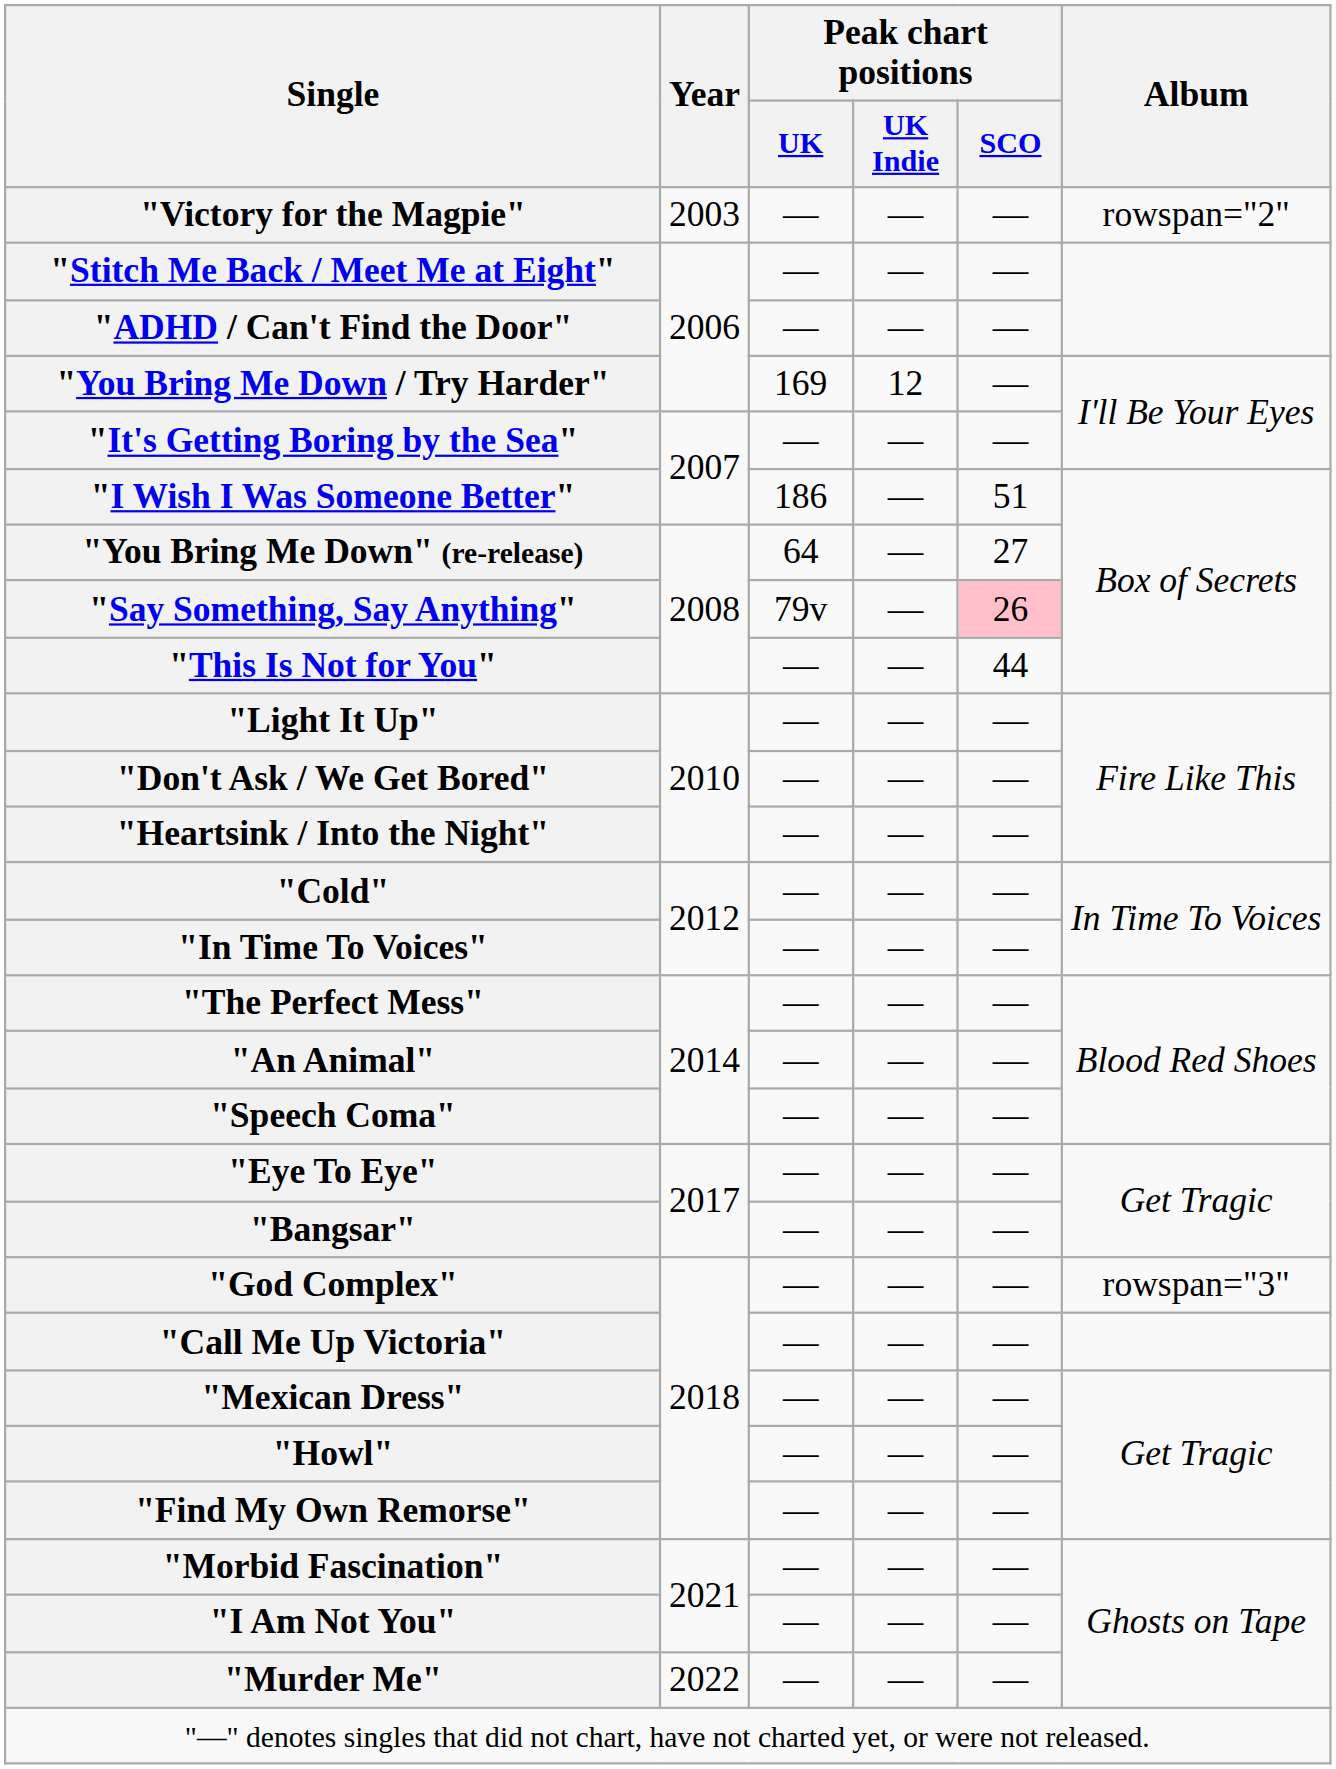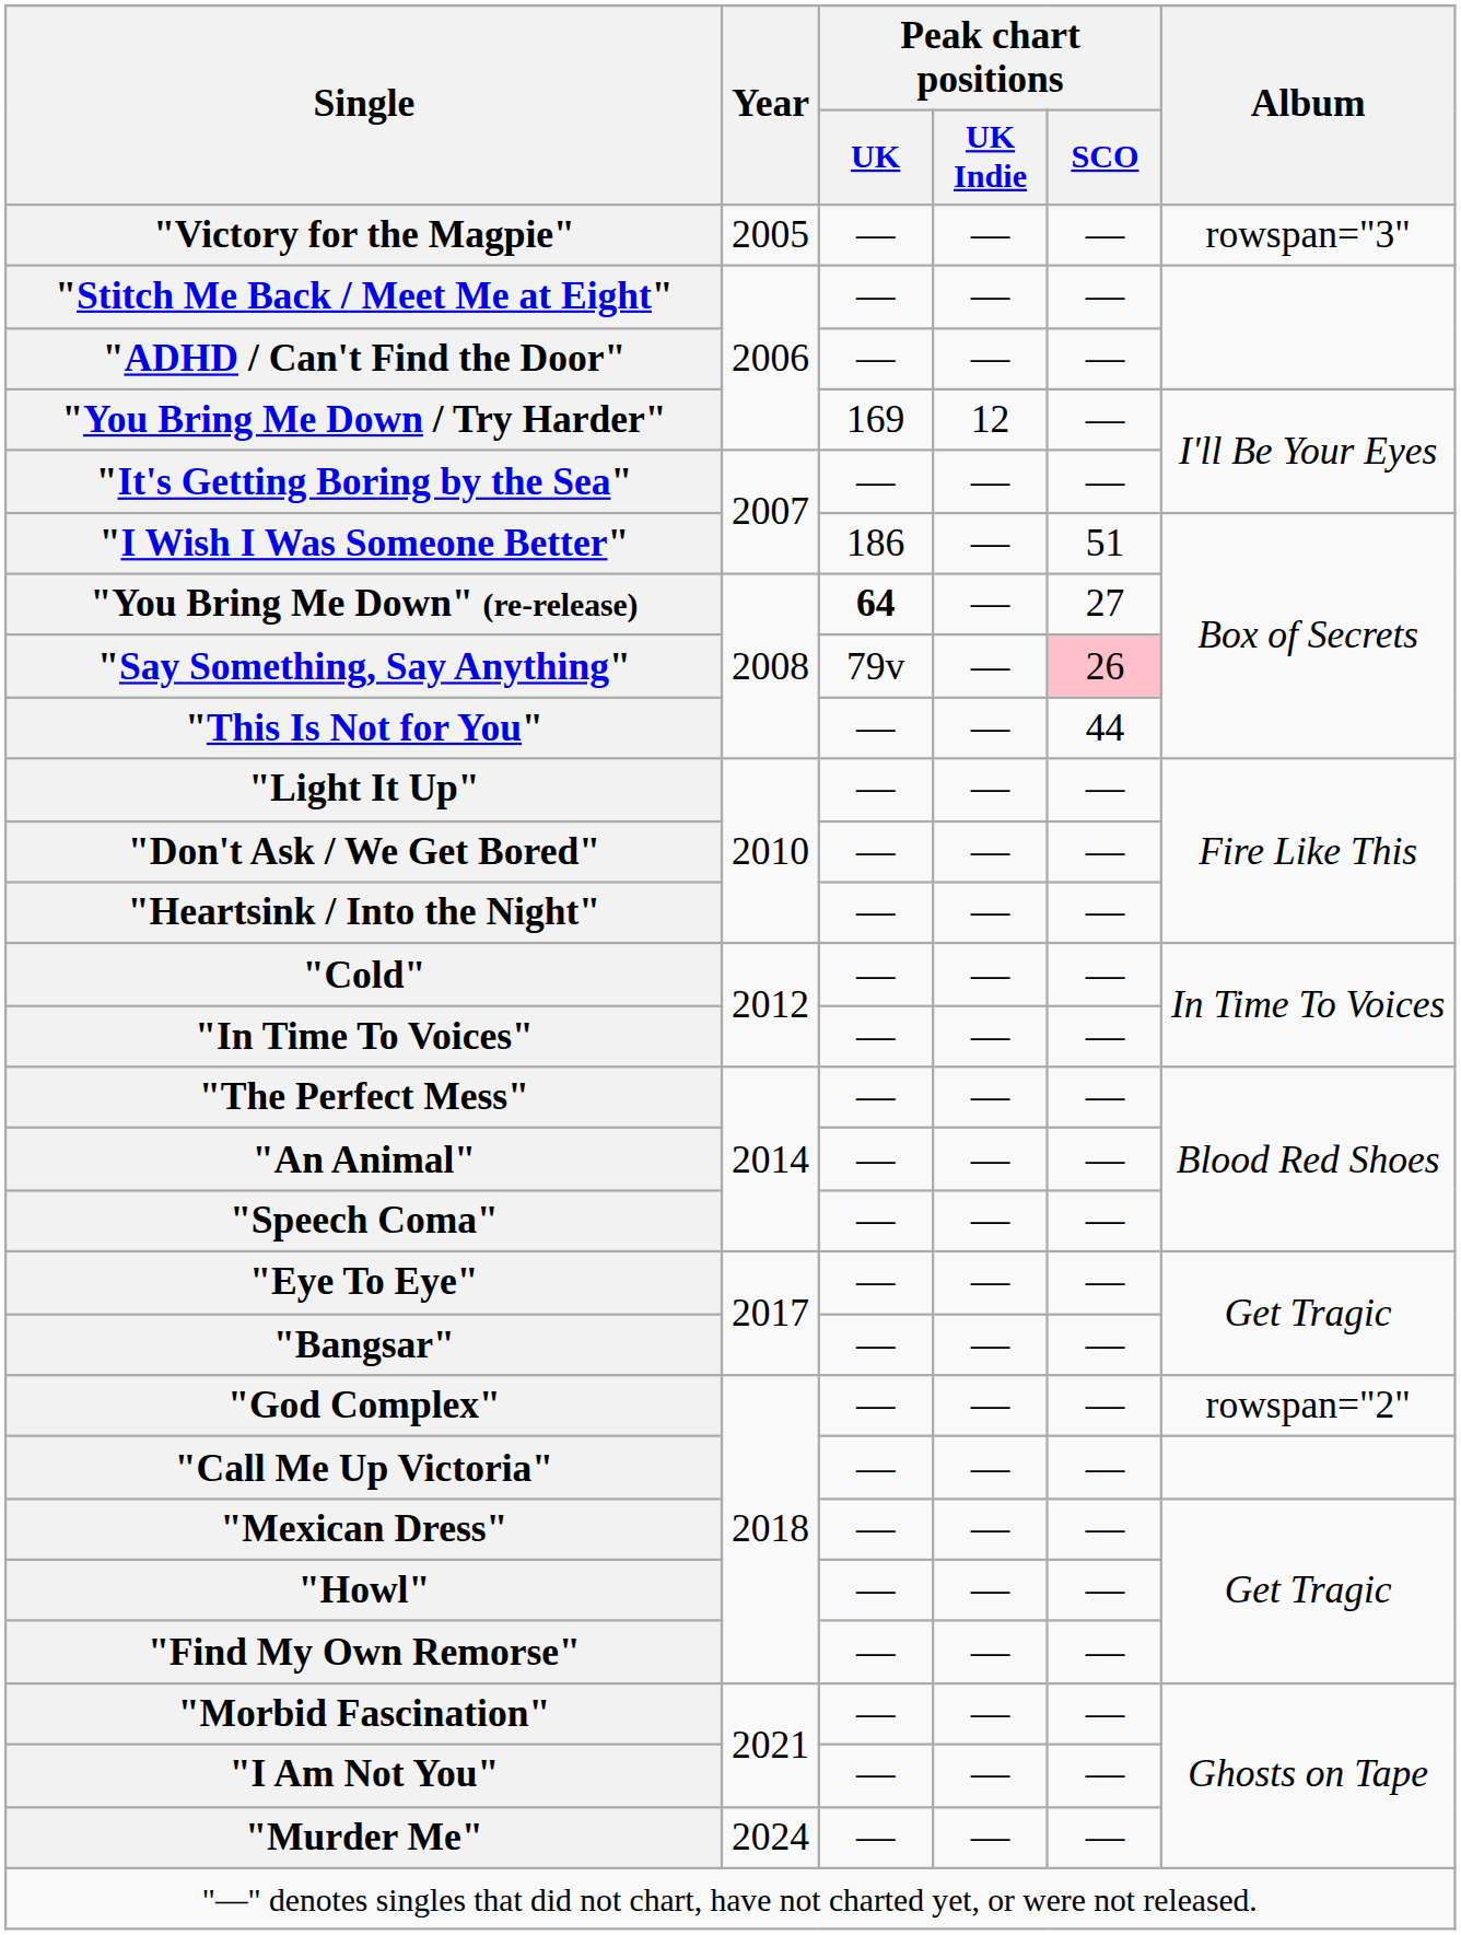 <table class="wikitable plainrowheaders" style="text-align:center;">
 <tr>
 <th scope="col" rowspan="2" style="width:18em;">Single</th>
 <th scope="col" rowspan="2">Year</th>
 <th scope="col" colspan="3">Peak chart positions</th>
 <th scope="col" rowspan="2">Album</th>
 </tr>
 <tr>
 <th scope="col" style="width:3em;font-size:85%;"><a href='#'>UK</a><br></th>
 <th scope="col" style="width:3em;font-size:85%;"><a href='#'>UK<br>Indie</a><br></th>
 <th scope="col" style="width:3em;font-size:85%;"><a href='#'>SCO</a><br></th>
 </tr>
 <tr>
 <th scope="row">"Victory for the Magpie"</th>
-<td>2003</td>
+<td>2005</td>
 <td>—</td>
 <td>—</td>
 <td>—</td>
-<td>rowspan="2" </td>
+<td>rowspan="3" </td>
 </tr>
 <tr>
 <th scope="row">"<a href='#'>Stitch Me Back / Meet Me at Eight</a>"</th>
 <td rowspan="3">2006</td>
 <td>—</td>
 <td>—</td>
 <td>—</td>
 </tr>
 <tr>
 <th scope="row">"<a href='#'>ADHD</a> / Can't Find the Door"</th>
 <td>—</td>
 <td>—</td>
 <td>—</td>
 </tr>
 <tr>
 <th scope="row">"<a href='#'>You Bring Me Down</a> / Try Harder"</th>
 <td>169</td>
 <td>12</td>
 <td>—</td>
 <td rowspan="2"><em>I'll Be Your Eyes</em></td>
 </tr>
 <tr>
 <th scope="row">"<a href='#'>It's Getting Boring by the Sea</a>"</th>
 <td rowspan="2">2007</td>
 <td>—</td>
 <td>—</td>
 <td>—</td>
 </tr>
 <tr>
 <th scope="row">"<a href='#'>I Wish I Was Someone Better</a>"</th>
 <td>186</td>
 <td>—</td>
 <td>51</td>
 <td rowspan="4"><em>Box of Secrets</em></td>
 </tr>
 <tr>
 <th scope="row">"You Bring Me Down" <small>(re-release)</small></th>
 <td rowspan="3">2008</td>
-<td>64</td>
+<td><strong>64</strong></td>
 <td>—</td>
 <td>27</td>
 </tr>
 <tr>
 <th scope="row">"<a href='#'>Say Something, Say Anything</a>"</th>
 <td>79v</td>
 <td>—</td>
 <td style="background: pink;">26</td>
 </tr>
 <tr>
 <th scope="row">"<a href='#'>This Is Not for You</a>"</th>
 <td>—</td>
 <td>—</td>
 <td>44</td>
 </tr>
 <tr>
 <th scope="row">"Light It Up"</th>
 <td rowspan="3">2010</td>
 <td>—</td>
 <td>—</td>
 <td>—</td>
 <td rowspan="3"><em>Fire Like This</em></td>
 </tr>
 <tr>
 <th scope="row">"Don't Ask / We Get Bored"</th>
 <td>—</td>
 <td>—</td>
 <td>—</td>
 </tr>
 <tr>
 <th scope="row">"Heartsink / Into the Night"</th>
 <td>—</td>
 <td>—</td>
 <td>—</td>
 </tr>
 <tr>
 <th scope="row">"Cold"</th>
 <td rowspan="2">2012</td>
 <td>—</td>
 <td>—</td>
 <td>—</td>
 <td rowspan="2"><em>In Time To Voices</em></td>
 </tr>
 <tr>
 <th scope="row">"In Time To Voices"</th>
 <td>—</td>
 <td>—</td>
 <td>—</td>
 </tr>
 <tr>
 <th scope="row">"The Perfect Mess"</th>
 <td rowspan="3">2014</td>
 <td>—</td>
 <td>—</td>
 <td>—</td>
 <td rowspan="3"><em>Blood Red Shoes</em></td>
 </tr>
 <tr>
 <th scope="row">"An Animal"</th>
 <td>—</td>
 <td>—</td>
 <td>—</td>
 </tr>
 <tr>
 <th scope="row">"Speech Coma"</th>
 <td>—</td>
 <td>—</td>
 <td>—</td>
 </tr>
 <tr>
 <th scope="row">"Eye To Eye"</th>
 <td rowspan="2">2017</td>
 <td>—</td>
 <td>—</td>
 <td>—</td>
 <td rowspan="2"><em>Get Tragic</em></td>
 </tr>
 <tr>
 <th scope="row">"Bangsar"</th>
 <td>—</td>
 <td>—</td>
 <td>—</td>
 </tr>
 <tr>
 <th scope="row">"God Complex"</th>
 <td rowspan="5">2018</td>
 <td>—</td>
 <td>—</td>
 <td>—</td>
-<td>rowspan="3" </td>
+<td>rowspan="2" </td>
 </tr>
 <tr>
 <th scope="row">"Call Me Up Victoria"</th>
 <td>—</td>
 <td>—</td>
 <td>—</td>
 </tr>
 <tr>
 <th scope="row">"Mexican Dress"</th>
 <td>—</td>
 <td>—</td>
 <td>—</td>
 <td rowspan="3"><em>Get Tragic</em></td>
 </tr>
 <tr>
 <th scope="row">"Howl"</th>
 <td>—</td>
 <td>—</td>
 <td>—</td>
 </tr>
 <tr>
 <th scope="row">"Find My Own Remorse"</th>
 <td>—</td>
 <td>—</td>
 <td>—</td>
 </tr>
 <tr>
 <th scope="row">"Morbid Fascination"</th>
 <td rowspan="2">2021</td>
 <td>—</td>
 <td>—</td>
 <td>—</td>
 <td rowspan="3"><em>Ghosts on Tape</em></td>
 </tr>
 <tr>
 <th scope="row">"I Am Not You"</th>
 <td>—</td>
 <td>—</td>
 <td>—</td>
 </tr>
 <tr>
 <th scope="row">"Murder Me"</th>
-<td>2022</td>
+<td>2024</td>
 <td>—</td>
 <td>—</td>
 <td>—</td>
 </tr>
 <tr>
 <td colspan="15"><small>"—" denotes singles that did not chart, have not charted yet, or were not released.</small></td>
 </tr>
 </table>
